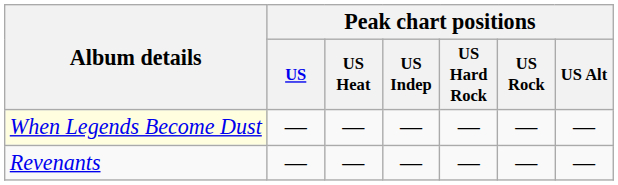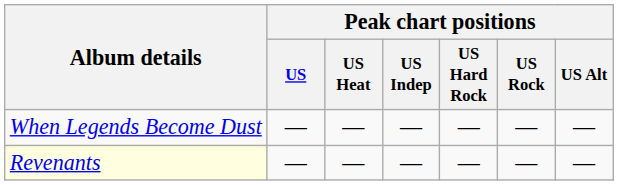 <table class="wikitable" style="text-align:center;">
 <tr>
 <th rowspan="2">Album details</th>
 <th colspan="19">Peak chart positions</th>
 </tr>
 <tr>
 <th style="width:3em;font-size:75%"><a href='#'>US</a></th>
 <th style="width:3em;font-size:75%">US Heat</th>
 <th style="width:3em;font-size:75%">US Indep</th>
 <th style="width:3em;font-size:75%">US Hard Rock</th>
 <th style="width:3em;font-size:75%">US Rock</th>
 <th style="width:3em;font-size:75%">US Alt</th>
 </tr>
 <tr>
-<td align=left style="background: lightyellow;"><em><a href='#'>When Legends Become Dust</a></em><br></td>
+<td align=left><em><a href='#'>When Legends Become Dust</a></em><br></td>
 <td>—</td>
 <td>—</td>
 <td>—</td>
 <td>—</td>
 <td>—</td>
 <td>—</td>
 </tr>
 <tr>
-<td align=left><em><a href='#'>Revenants</a></em><br></td>
+<td align=left style="background: lightyellow;"><em><a href='#'>Revenants</a></em><br></td>
 <td>—</td>
 <td>—</td>
 <td>—</td>
 <td>—</td>
 <td>—</td>
 <td>—</td>
 </tr>
 </table>
